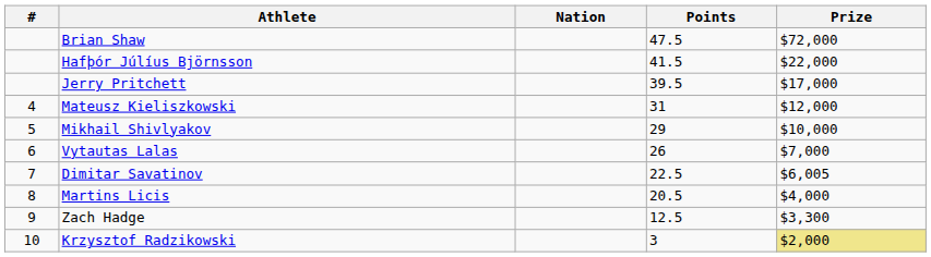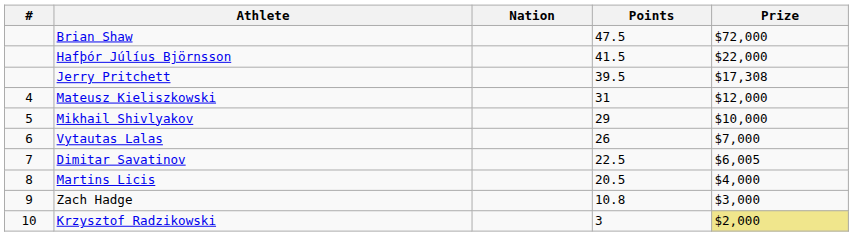 <table class="wikitable" style="display: inline-table;width: 55%;">
 <tr>
 <th scope="col">#</th>
 <th scope="col">Athlete</th>
 <th scope="col">Nation</th>
 <th scope="col">Points</th>
 <th scope="col">Prize</th>
 </tr>
 <tr>
 <td align="center"></td>
 <td><a href='#'>Brian Shaw</a></td>
 <td></td>
 <td>47.5</td>
 <td>$72,000</td>
 </tr>
 <tr>
 <td align="center"></td>
 <td><a href='#'>Hafþór Júlíus Björnsson</a></td>
 <td></td>
 <td>41.5</td>
 <td>$22,000</td>
 </tr>
 <tr>
 <td align="center"></td>
 <td><a href='#'>Jerry Pritchett</a></td>
 <td></td>
 <td>39.5</td>
-<td>$17,000</td>
+<td>$17,308</td>
 </tr>
 <tr>
 <td align="center">4</td>
 <td><a href='#'>Mateusz Kieliszkowski</a></td>
 <td></td>
 <td>31</td>
 <td>$12,000</td>
 </tr>
 <tr>
 <td align="center">5</td>
 <td><a href='#'>Mikhail Shivlyakov</a></td>
 <td></td>
 <td>29</td>
 <td>$10,000</td>
 </tr>
 <tr>
 <td align="center">6</td>
 <td><a href='#'>Vytautas Lalas</a></td>
 <td></td>
 <td>26</td>
 <td>$7,000</td>
 </tr>
 <tr>
 <td align="center">7</td>
 <td><a href='#'>Dimitar Savatinov</a></td>
 <td></td>
 <td>22.5</td>
 <td>$6,005</td>
 </tr>
 <tr>
 <td align="center">8</td>
 <td><a href='#'>Martins Licis</a></td>
 <td></td>
 <td>20.5</td>
 <td>$4,000</td>
 </tr>
 <tr>
 <td align="center">9</td>
 <td>Zach Hadge</td>
 <td></td>
-<td>12.5</td>
-<td>$3,300</td>
+<td>10.8</td>
+<td>$3,000</td>
 </tr>
 <tr>
 <td align="center">10</td>
 <td><a href='#'>Krzysztof Radzikowski</a></td>
 <td></td>
 <td>3</td>
 <td style="background: khaki;">$2,000</td>
 </tr>
 </table>
